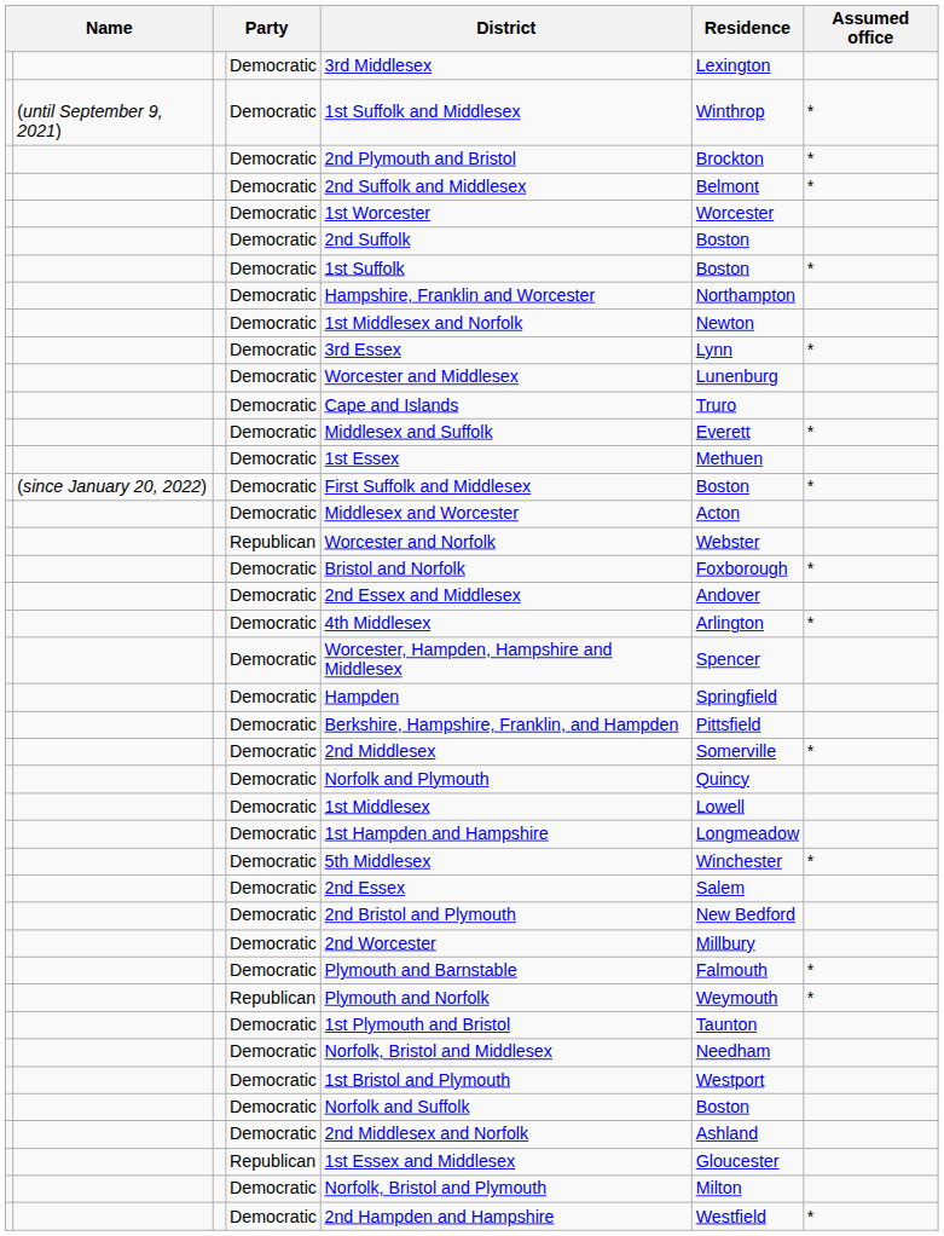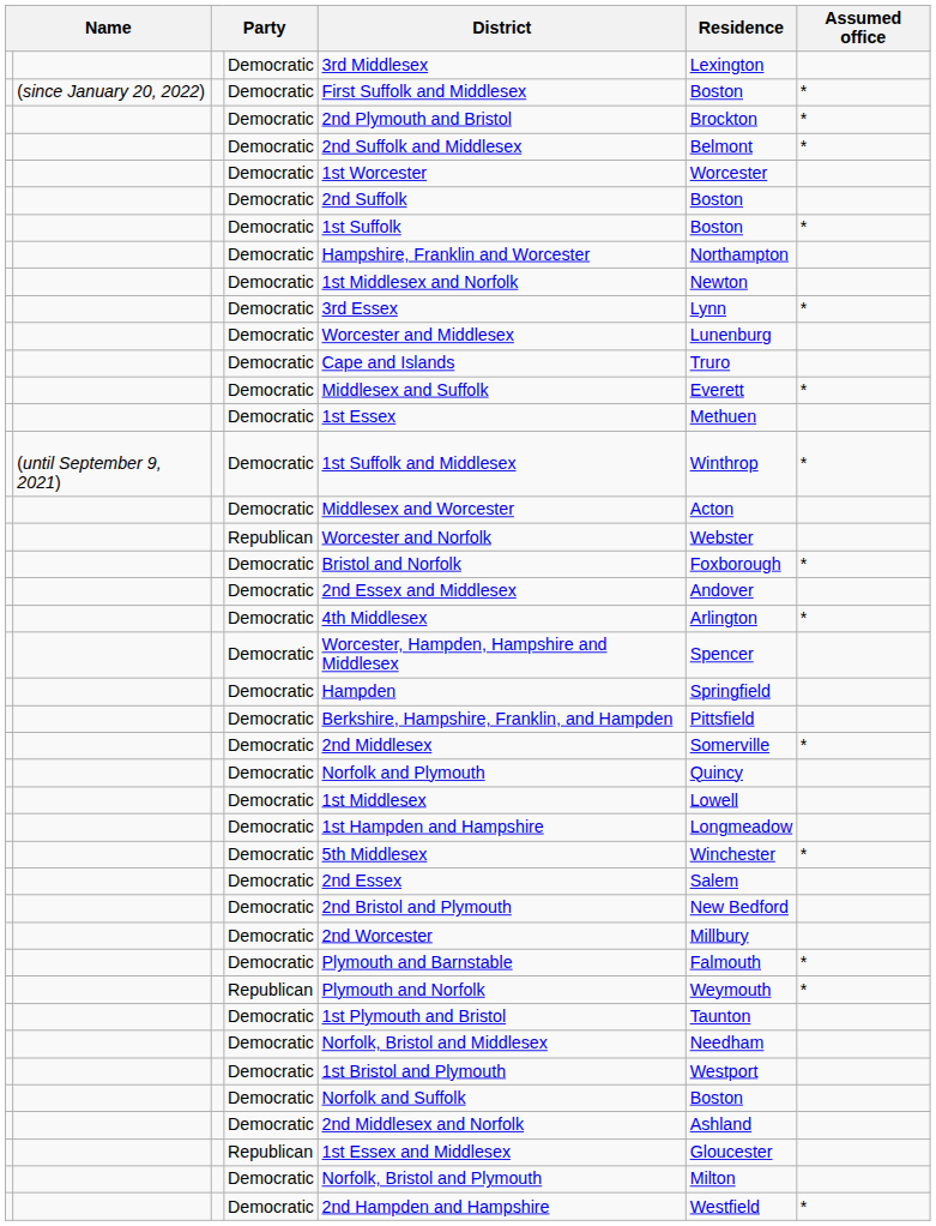 <table class="wikitable sortable" style="text-align:left;">
 <tr>
 <th colspan="2">Name </th>
 <th colspan=2>Party</th>
 <th>District </th>
 <th>Residence</th>
 <th>Assumed office</th>
 </tr>
 <tr>
 <td></td>
 <td></td>
 <td style="background-color:"> </td>
 <td>Democratic</td>
 <td><a href='#'>3rd Middlesex</a></td>
 <td><a href='#'>Lexington</a></td>
 <td></td>
 </tr>
 <tr>
 <td></td>
-<td><br>(<em>until September 9, 2021</em>)</td>
+<td> (<em>since January 20, 2022</em>)</td>
 <td style="background-color:"> </td>
 <td>Democratic</td>
-<td><a href='#'>1st Suffolk and Middlesex</a></td>
-<td><a href='#'>Winthrop</a></td>
+<td><a href='#'>First Suffolk and Middlesex</a></td>
+<td><a href='#'>Boston</a></td>
 <td>*</td>
 </tr>
 <tr>
 <td></td>
 <td></td>
 <td style="background-color:"> </td>
 <td>Democratic</td>
 <td><a href='#'>2nd Plymouth and Bristol</a></td>
 <td><a href='#'>Brockton</a></td>
 <td>*</td>
 </tr>
 <tr>
 <td></td>
 <td></td>
 <td style="background-color:"> </td>
 <td>Democratic</td>
 <td><a href='#'>2nd Suffolk and Middlesex</a></td>
 <td><a href='#'>Belmont</a></td>
 <td>*</td>
 </tr>
 <tr>
 <td></td>
 <td></td>
 <td style="background-color:"> </td>
 <td>Democratic</td>
 <td><a href='#'>1st Worcester</a></td>
 <td><a href='#'>Worcester</a></td>
 <td></td>
 </tr>
 <tr>
 <td></td>
 <td></td>
 <td style="background-color:"> </td>
 <td>Democratic</td>
 <td><a href='#'>2nd Suffolk</a></td>
 <td><a href='#'>Boston</a></td>
 <td></td>
 </tr>
 <tr>
 <td></td>
 <td></td>
 <td style="background-color:"> </td>
 <td>Democratic</td>
 <td><a href='#'>1st Suffolk</a></td>
 <td><a href='#'>Boston</a></td>
 <td>*</td>
 </tr>
 <tr>
 <td></td>
 <td></td>
 <td style="background-color:"> </td>
 <td>Democratic</td>
 <td><a href='#'>Hampshire, Franklin and Worcester</a></td>
 <td><a href='#'>Northampton</a></td>
 <td></td>
 </tr>
 <tr>
 <td></td>
 <td></td>
 <td style="background-color:"> </td>
 <td>Democratic</td>
 <td><a href='#'>1st Middlesex and Norfolk</a></td>
 <td><a href='#'>Newton</a></td>
 <td></td>
 </tr>
 <tr>
 <td></td>
 <td></td>
 <td style="background-color:"> </td>
 <td>Democratic</td>
 <td><a href='#'>3rd Essex</a></td>
 <td><a href='#'>Lynn</a></td>
 <td>*</td>
 </tr>
 <tr>
 <td></td>
 <td></td>
 <td style="background-color:"> </td>
 <td>Democratic</td>
 <td><a href='#'>Worcester and Middlesex</a></td>
 <td><a href='#'>Lunenburg</a></td>
 <td></td>
 </tr>
 <tr>
 <td></td>
 <td></td>
 <td style="background-color:"> </td>
 <td>Democratic</td>
 <td><a href='#'>Cape and Islands</a></td>
 <td><a href='#'>Truro</a></td>
 <td></td>
 </tr>
 <tr>
 <td></td>
 <td></td>
 <td style="background-color:"> </td>
 <td>Democratic</td>
 <td><a href='#'>Middlesex and Suffolk</a></td>
 <td><a href='#'>Everett</a></td>
 <td>*</td>
 </tr>
 <tr>
 <td></td>
 <td></td>
 <td style="background-color:"> </td>
 <td>Democratic</td>
 <td><a href='#'>1st Essex</a></td>
 <td><a href='#'>Methuen</a></td>
 <td></td>
 </tr>
 <tr>
 <td></td>
-<td> (<em>since January 20, 2022</em>)</td>
+<td><br>(<em>until September 9, 2021</em>)</td>
 <td style="background-color:"> </td>
 <td>Democratic</td>
-<td><a href='#'>First Suffolk and Middlesex</a></td>
-<td><a href='#'>Boston</a></td>
+<td><a href='#'>1st Suffolk and Middlesex</a></td>
+<td><a href='#'>Winthrop</a></td>
 <td>*</td>
 </tr>
 <tr>
 <td></td>
 <td></td>
 <td style="background-color:"> </td>
 <td>Democratic</td>
 <td><a href='#'>Middlesex and Worcester</a></td>
 <td><a href='#'>Acton</a></td>
 <td></td>
 </tr>
 <tr>
 <td></td>
 <td></td>
 <td style="background-color:"> </td>
 <td>Republican</td>
 <td><a href='#'>Worcester and Norfolk</a></td>
 <td><a href='#'>Webster</a></td>
 <td></td>
 </tr>
 <tr>
 <td></td>
 <td></td>
 <td style="background-color:"> </td>
 <td>Democratic</td>
 <td><a href='#'>Bristol and Norfolk</a></td>
 <td><a href='#'>Foxborough</a></td>
 <td>*</td>
 </tr>
 <tr>
 <td></td>
 <td></td>
 <td style="background-color:"> </td>
 <td>Democratic</td>
 <td><a href='#'>2nd Essex and Middlesex</a></td>
 <td><a href='#'>Andover</a></td>
 <td></td>
 </tr>
 <tr>
 <td></td>
 <td></td>
 <td style="background-color:"> </td>
 <td>Democratic</td>
 <td><a href='#'>4th Middlesex</a></td>
 <td><a href='#'>Arlington</a></td>
 <td>*</td>
 </tr>
 <tr>
 <td></td>
 <td></td>
 <td style="background-color:"> </td>
 <td>Democratic</td>
 <td><a href='#'>Worcester, Hampden, Hampshire and Middlesex</a></td>
 <td><a href='#'>Spencer</a></td>
 <td></td>
 </tr>
 <tr>
 <td></td>
 <td></td>
 <td style="background-color:"> </td>
 <td>Democratic</td>
 <td><a href='#'>Hampden</a></td>
 <td><a href='#'>Springfield</a></td>
 <td></td>
 </tr>
 <tr>
 <td></td>
 <td></td>
 <td style="background-color:"> </td>
 <td>Democratic</td>
 <td><a href='#'>Berkshire, Hampshire, Franklin, and Hampden</a></td>
 <td><a href='#'>Pittsfield</a></td>
 <td></td>
 </tr>
 <tr>
 <td></td>
 <td></td>
 <td style="background-color:"> </td>
 <td>Democratic</td>
 <td><a href='#'>2nd Middlesex</a></td>
 <td><a href='#'>Somerville</a></td>
 <td>*</td>
 </tr>
 <tr>
 <td></td>
 <td></td>
 <td style="background-color:"> </td>
 <td>Democratic</td>
 <td><a href='#'>Norfolk and Plymouth</a></td>
 <td><a href='#'>Quincy</a></td>
 <td></td>
 </tr>
 <tr>
 <td></td>
 <td></td>
 <td style="background-color:"> </td>
 <td>Democratic</td>
 <td><a href='#'>1st Middlesex</a></td>
 <td><a href='#'>Lowell</a></td>
 <td></td>
 </tr>
 <tr>
 <td></td>
 <td></td>
 <td style="background-color:"> </td>
 <td>Democratic</td>
 <td><a href='#'>1st Hampden and Hampshire</a></td>
 <td><a href='#'>Longmeadow</a></td>
 <td></td>
 </tr>
 <tr>
 <td></td>
 <td></td>
 <td style="background-color:"> </td>
 <td>Democratic</td>
 <td><a href='#'>5th Middlesex</a></td>
 <td><a href='#'>Winchester</a></td>
 <td>*</td>
 </tr>
 <tr>
 <td></td>
 <td></td>
 <td style="background-color:"> </td>
 <td>Democratic</td>
 <td><a href='#'>2nd Essex</a></td>
 <td><a href='#'>Salem</a></td>
 <td></td>
 </tr>
 <tr>
 <td></td>
 <td></td>
 <td style="background-color:"> </td>
 <td>Democratic</td>
 <td><a href='#'>2nd Bristol and Plymouth</a></td>
 <td><a href='#'>New Bedford</a></td>
 <td></td>
 </tr>
 <tr>
 <td></td>
 <td></td>
 <td style="background-color:"> </td>
 <td>Democratic</td>
 <td><a href='#'>2nd Worcester</a></td>
 <td><a href='#'>Millbury</a></td>
 <td></td>
 </tr>
 <tr>
 <td></td>
 <td></td>
 <td style="background-color:"> </td>
 <td>Democratic</td>
 <td><a href='#'>Plymouth and Barnstable</a></td>
 <td><a href='#'>Falmouth</a></td>
 <td>*</td>
 </tr>
 <tr>
 <td></td>
 <td></td>
 <td style="background-color:"> </td>
 <td>Republican</td>
 <td><a href='#'>Plymouth and Norfolk</a></td>
 <td><a href='#'>Weymouth</a></td>
 <td>*</td>
 </tr>
 <tr>
 <td></td>
 <td></td>
 <td style="background-color:"> </td>
 <td>Democratic</td>
 <td><a href='#'>1st Plymouth and Bristol</a></td>
 <td><a href='#'>Taunton</a></td>
 <td></td>
 </tr>
 <tr>
 <td></td>
 <td></td>
 <td style="background-color:"> </td>
 <td>Democratic</td>
 <td><a href='#'>Norfolk, Bristol and Middlesex</a></td>
 <td><a href='#'>Needham</a></td>
 <td></td>
 </tr>
 <tr>
 <td></td>
 <td></td>
 <td style="background-color:"> </td>
 <td>Democratic</td>
 <td><a href='#'>1st Bristol and Plymouth</a></td>
 <td><a href='#'>Westport</a></td>
 <td></td>
 </tr>
 <tr>
 <td></td>
 <td></td>
 <td style="background-color:"> </td>
 <td>Democratic</td>
 <td><a href='#'>Norfolk and Suffolk</a></td>
 <td><a href='#'>Boston</a></td>
 <td></td>
 </tr>
 <tr>
 <td></td>
 <td></td>
 <td style="background-color:"> </td>
 <td>Democratic</td>
 <td><a href='#'>2nd Middlesex and Norfolk</a></td>
 <td><a href='#'>Ashland</a></td>
 <td></td>
 </tr>
 <tr>
 <td></td>
 <td></td>
 <td style="background-color:"> </td>
 <td>Republican</td>
 <td><a href='#'>1st Essex and Middlesex</a></td>
 <td><a href='#'>Gloucester</a></td>
 <td></td>
 </tr>
 <tr>
 <td></td>
 <td></td>
 <td style="background-color:"> </td>
 <td>Democratic</td>
 <td><a href='#'>Norfolk, Bristol and Plymouth</a></td>
 <td><a href='#'>Milton</a></td>
 <td></td>
 </tr>
 <tr>
 <td></td>
 <td></td>
 <td style="background-color:"> </td>
 <td>Democratic</td>
 <td><a href='#'>2nd Hampden and Hampshire</a></td>
 <td><a href='#'>Westfield</a></td>
 <td>*</td>
 </tr>
 </table>
